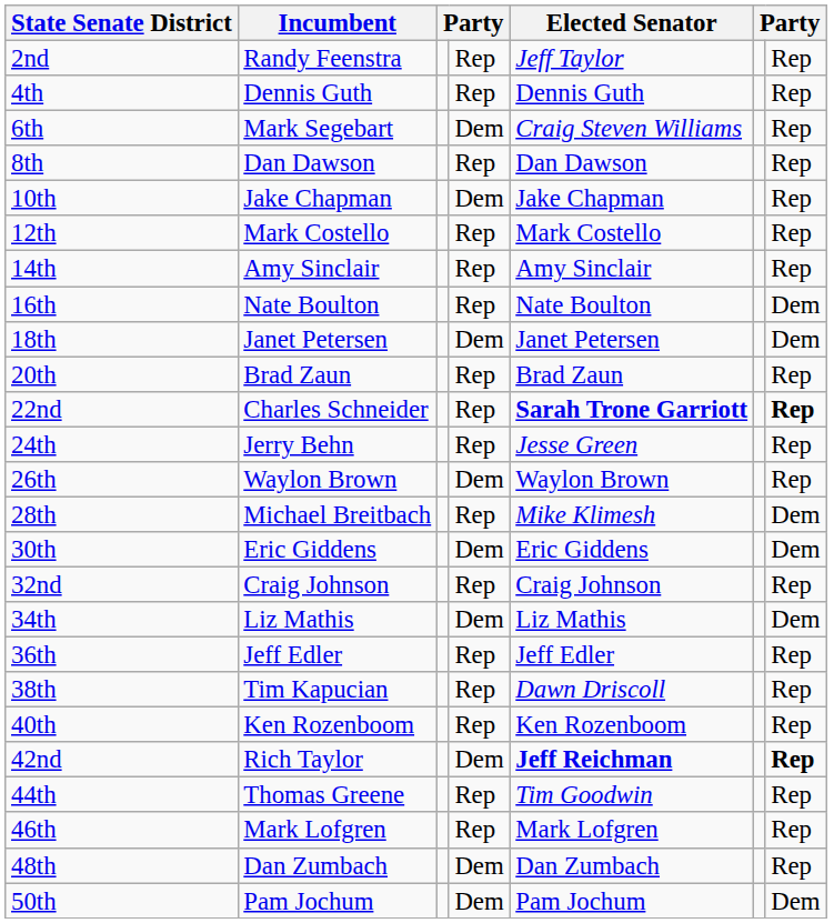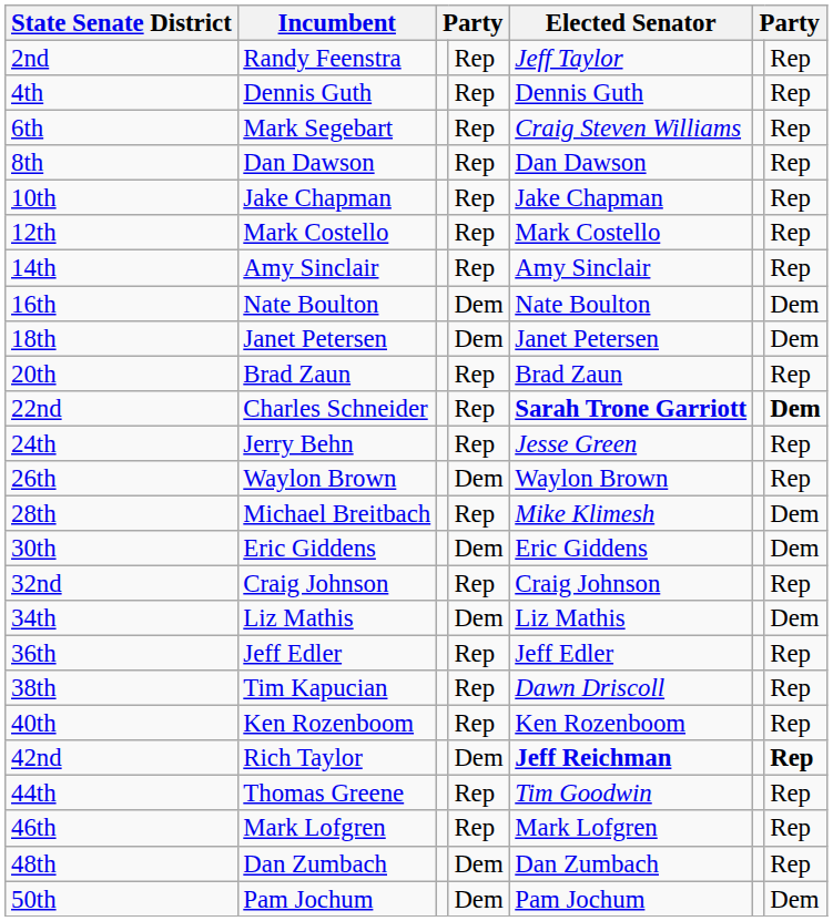 <table class="sortable wikitable" style="font-size:95%;line-height:14px;">
 <tr>
 <th class="unsortable"><a href='#'>State Senate</a> District</th>
 <th class="unsortable"><a href='#'>Incumbent</a></th>
 <th colspan="2">Party</th>
 <th class="unsortable">Elected Senator</th>
 <th colspan="2">Party</th>
 </tr>
 <tr>
 <td><a href='#'>2nd</a></td>
 <td><a href='#'>Randy Feenstra</a></td>
 <td style="background:"></td>
 <td>Rep</td>
 <td><em><a href='#'>Jeff Taylor</a></em></td>
 <td style="background:"></td>
 <td>Rep</td>
 </tr>
 <tr>
 <td><a href='#'>4th</a></td>
 <td><a href='#'>Dennis Guth</a></td>
 <td style="background:"></td>
 <td>Rep</td>
 <td><a href='#'>Dennis Guth</a></td>
 <td style="background:"></td>
 <td>Rep</td>
 </tr>
 <tr>
 <td><a href='#'>6th</a></td>
 <td><a href='#'>Mark Segebart</a></td>
 <td style="background:"></td>
-<td>Dem</td>
+<td>Rep</td>
 <td><em><a href='#'>Craig Steven Williams</a></em></td>
 <td style="background:"></td>
 <td>Rep</td>
 </tr>
 <tr>
 <td><a href='#'>8th</a></td>
 <td><a href='#'>Dan Dawson</a></td>
 <td style="background:"></td>
 <td>Rep</td>
 <td><a href='#'>Dan Dawson</a></td>
 <td style="background:"></td>
 <td>Rep</td>
 </tr>
 <tr>
 <td><a href='#'>10th</a></td>
 <td><a href='#'>Jake Chapman</a></td>
 <td style="background:"></td>
-<td>Dem</td>
+<td>Rep</td>
 <td><a href='#'>Jake Chapman</a></td>
 <td style="background:"></td>
 <td>Rep</td>
 </tr>
 <tr>
 <td><a href='#'>12th</a></td>
 <td><a href='#'>Mark Costello</a></td>
 <td style="background:"></td>
 <td>Rep</td>
 <td><a href='#'>Mark Costello</a></td>
 <td style="background:"></td>
 <td>Rep</td>
 </tr>
 <tr>
 <td><a href='#'>14th</a></td>
 <td><a href='#'>Amy Sinclair</a></td>
 <td style="background:"></td>
 <td>Rep</td>
 <td><a href='#'>Amy Sinclair</a></td>
 <td style="background:"></td>
 <td>Rep</td>
 </tr>
 <tr>
 <td><a href='#'>16th</a></td>
 <td><a href='#'>Nate Boulton</a></td>
 <td style="background:"></td>
-<td>Rep</td>
+<td>Dem</td>
 <td><a href='#'>Nate Boulton</a></td>
 <td style="background:"></td>
 <td>Dem</td>
 </tr>
 <tr>
 <td><a href='#'>18th</a></td>
 <td><a href='#'>Janet Petersen</a></td>
 <td style="background:"></td>
 <td>Dem</td>
 <td><a href='#'>Janet Petersen</a></td>
 <td style="background:"></td>
 <td>Dem</td>
 </tr>
 <tr>
 <td><a href='#'>20th</a></td>
 <td><a href='#'>Brad Zaun</a></td>
 <td style="background:"></td>
 <td>Rep</td>
 <td><a href='#'>Brad Zaun</a></td>
 <td style="background:"></td>
 <td>Rep</td>
 </tr>
 <tr>
 <td><a href='#'>22nd</a></td>
 <td><a href='#'>Charles Schneider</a></td>
 <td style="background:"></td>
 <td>Rep</td>
 <td><strong><a href='#'>Sarah Trone Garriott</a></strong></td>
 <td style="background:"></td>
-<td><strong>Rep</strong></td>
+<td><strong>Dem</strong></td>
 </tr>
 <tr>
 <td><a href='#'>24th</a></td>
 <td><a href='#'>Jerry Behn</a></td>
 <td style="background:"></td>
 <td>Rep</td>
 <td><em><a href='#'>Jesse Green</a></em></td>
 <td style="background:"></td>
 <td>Rep</td>
 </tr>
 <tr>
 <td><a href='#'>26th</a></td>
 <td><a href='#'>Waylon Brown</a></td>
 <td style="background:"></td>
 <td>Dem</td>
 <td><a href='#'>Waylon Brown</a></td>
 <td style="background:"></td>
 <td>Rep</td>
 </tr>
 <tr>
 <td><a href='#'>28th</a></td>
 <td><a href='#'>Michael Breitbach</a></td>
 <td style="background:"></td>
 <td>Rep</td>
 <td><em><a href='#'>Mike Klimesh</a></em></td>
 <td style="background:"></td>
 <td>Dem</td>
 </tr>
 <tr>
 <td><a href='#'>30th</a></td>
 <td><a href='#'>Eric Giddens</a></td>
 <td style="background:"></td>
 <td>Dem</td>
 <td><a href='#'>Eric Giddens</a></td>
 <td style="background:"></td>
 <td>Dem</td>
 </tr>
 <tr>
 <td><a href='#'>32nd</a></td>
 <td><a href='#'>Craig Johnson</a></td>
 <td style="background:"></td>
 <td>Rep</td>
 <td><a href='#'>Craig Johnson</a></td>
 <td style="background:"></td>
 <td>Rep</td>
 </tr>
 <tr>
 <td><a href='#'>34th</a></td>
 <td><a href='#'>Liz Mathis</a></td>
 <td style="background:"></td>
 <td>Dem</td>
 <td><a href='#'>Liz Mathis</a></td>
 <td style="background:"></td>
 <td>Dem</td>
 </tr>
 <tr>
 <td><a href='#'>36th</a></td>
 <td><a href='#'>Jeff Edler</a></td>
 <td style="background:"></td>
 <td>Rep</td>
 <td><a href='#'>Jeff Edler</a></td>
 <td style="background:"></td>
 <td>Rep</td>
 </tr>
 <tr>
 <td><a href='#'>38th</a></td>
 <td><a href='#'>Tim Kapucian</a></td>
 <td style="background:"></td>
 <td>Rep</td>
 <td><em><a href='#'>Dawn Driscoll</a></em></td>
 <td style="background:"></td>
 <td>Rep</td>
 </tr>
 <tr>
 <td><a href='#'>40th</a></td>
 <td><a href='#'>Ken Rozenboom</a></td>
 <td style="background:"></td>
 <td>Rep</td>
 <td><a href='#'>Ken Rozenboom</a></td>
 <td style="background:"></td>
 <td>Rep</td>
 </tr>
 <tr>
 <td><a href='#'>42nd</a></td>
 <td><a href='#'>Rich Taylor</a></td>
 <td style="background:"></td>
 <td>Dem</td>
 <td><strong><a href='#'>Jeff Reichman</a></strong></td>
 <td style="background:"></td>
 <td><strong>Rep</strong></td>
 </tr>
 <tr>
 <td><a href='#'>44th</a></td>
 <td><a href='#'>Thomas Greene</a></td>
 <td style="background:"></td>
 <td>Rep</td>
 <td><em><a href='#'>Tim Goodwin</a></em></td>
 <td style="background:"></td>
 <td>Rep</td>
 </tr>
 <tr>
 <td><a href='#'>46th</a></td>
 <td><a href='#'>Mark Lofgren</a></td>
 <td style="background:"></td>
 <td>Rep</td>
 <td><a href='#'>Mark Lofgren</a></td>
 <td style="background:"></td>
 <td>Rep</td>
 </tr>
 <tr>
 <td><a href='#'>48th</a></td>
 <td><a href='#'>Dan Zumbach</a></td>
 <td style="background:"></td>
 <td>Dem</td>
 <td><a href='#'>Dan Zumbach</a></td>
 <td style="background:"></td>
 <td>Rep</td>
 </tr>
 <tr>
 <td><a href='#'>50th</a></td>
 <td><a href='#'>Pam Jochum</a></td>
 <td style="background:"></td>
 <td>Dem</td>
 <td><a href='#'>Pam Jochum</a></td>
 <td style="background:"></td>
 <td>Dem</td>
 </tr>
 <tr>
 </tr>
 </table>
